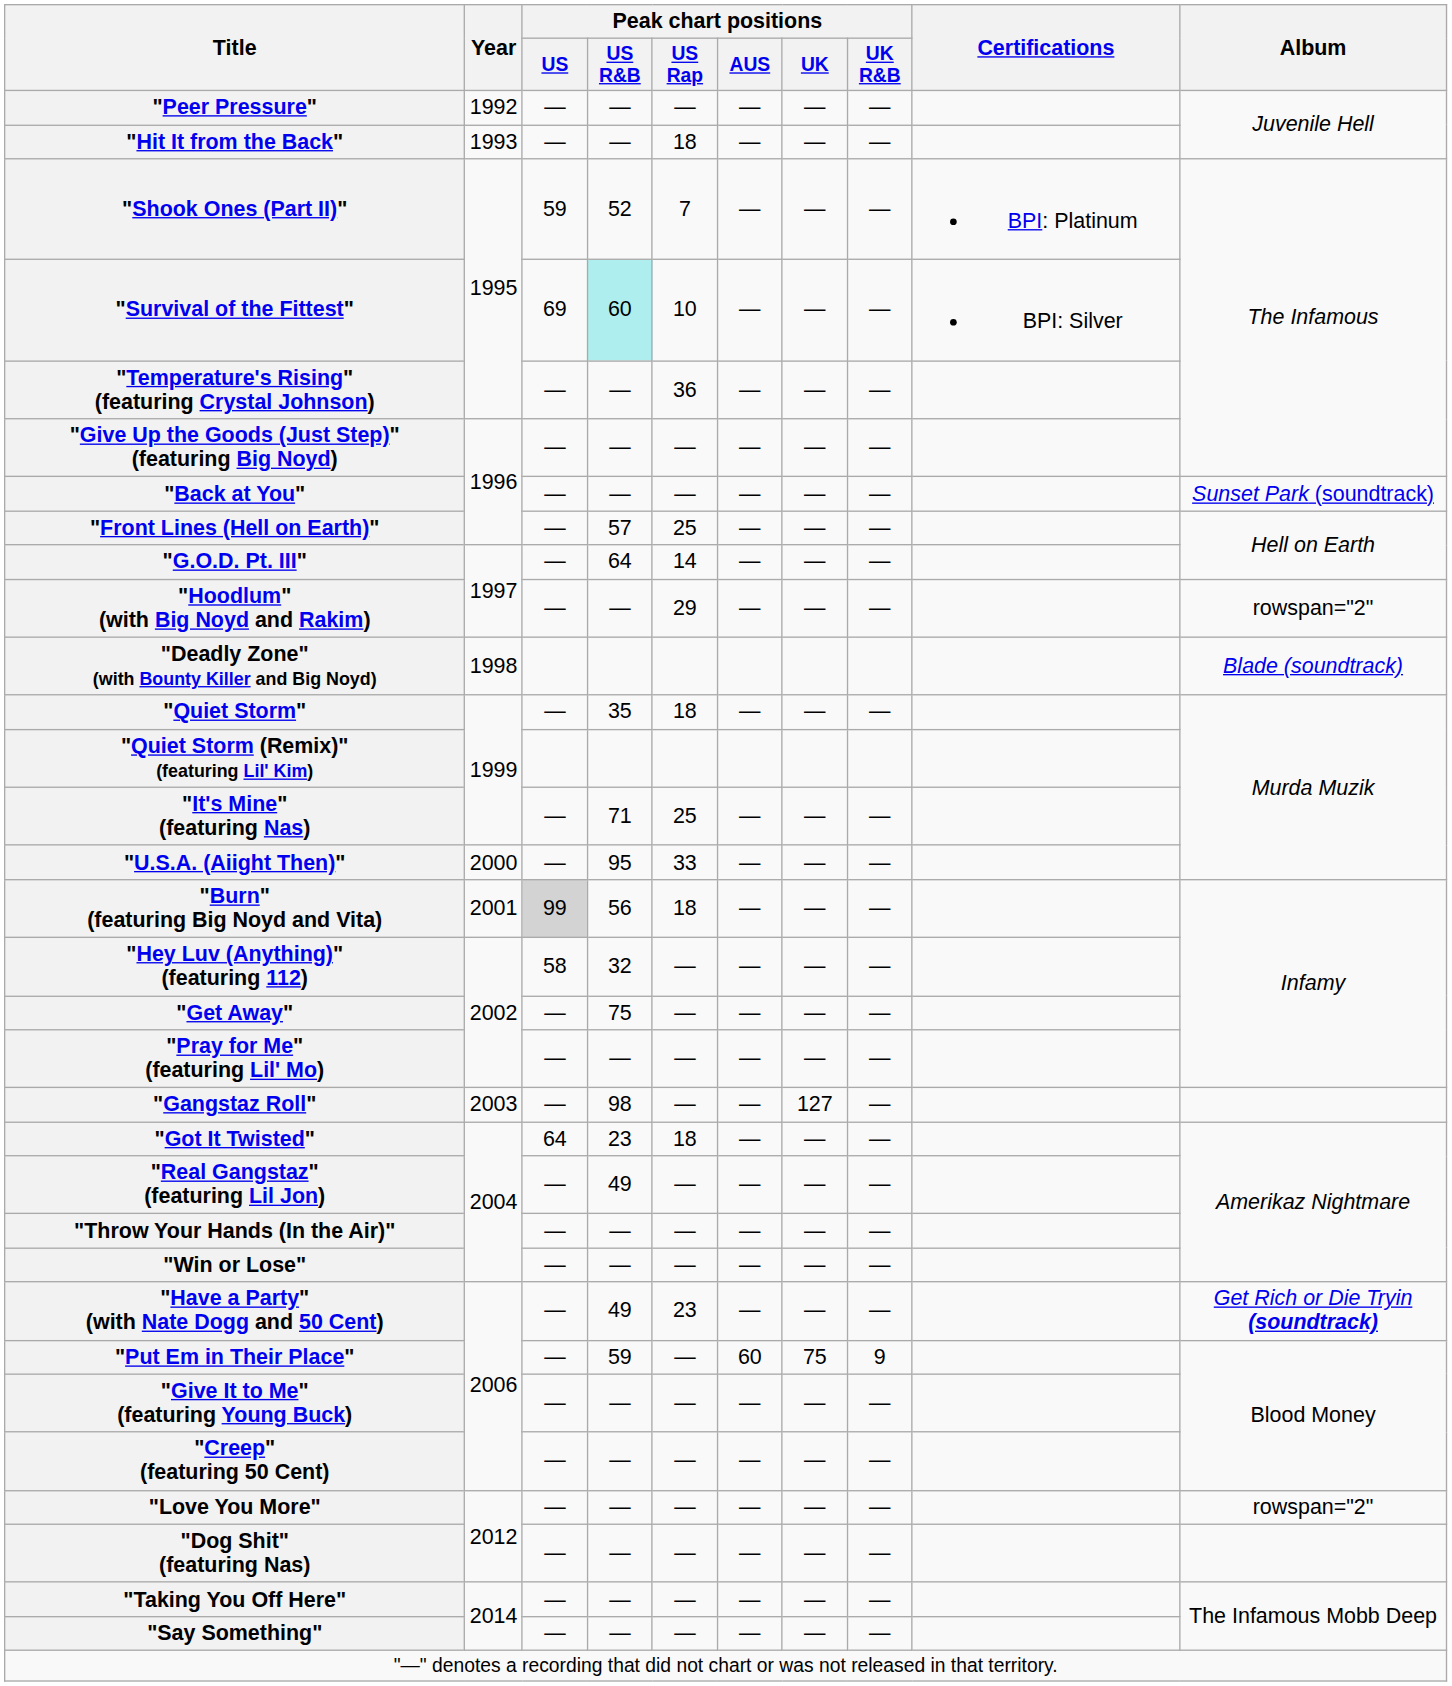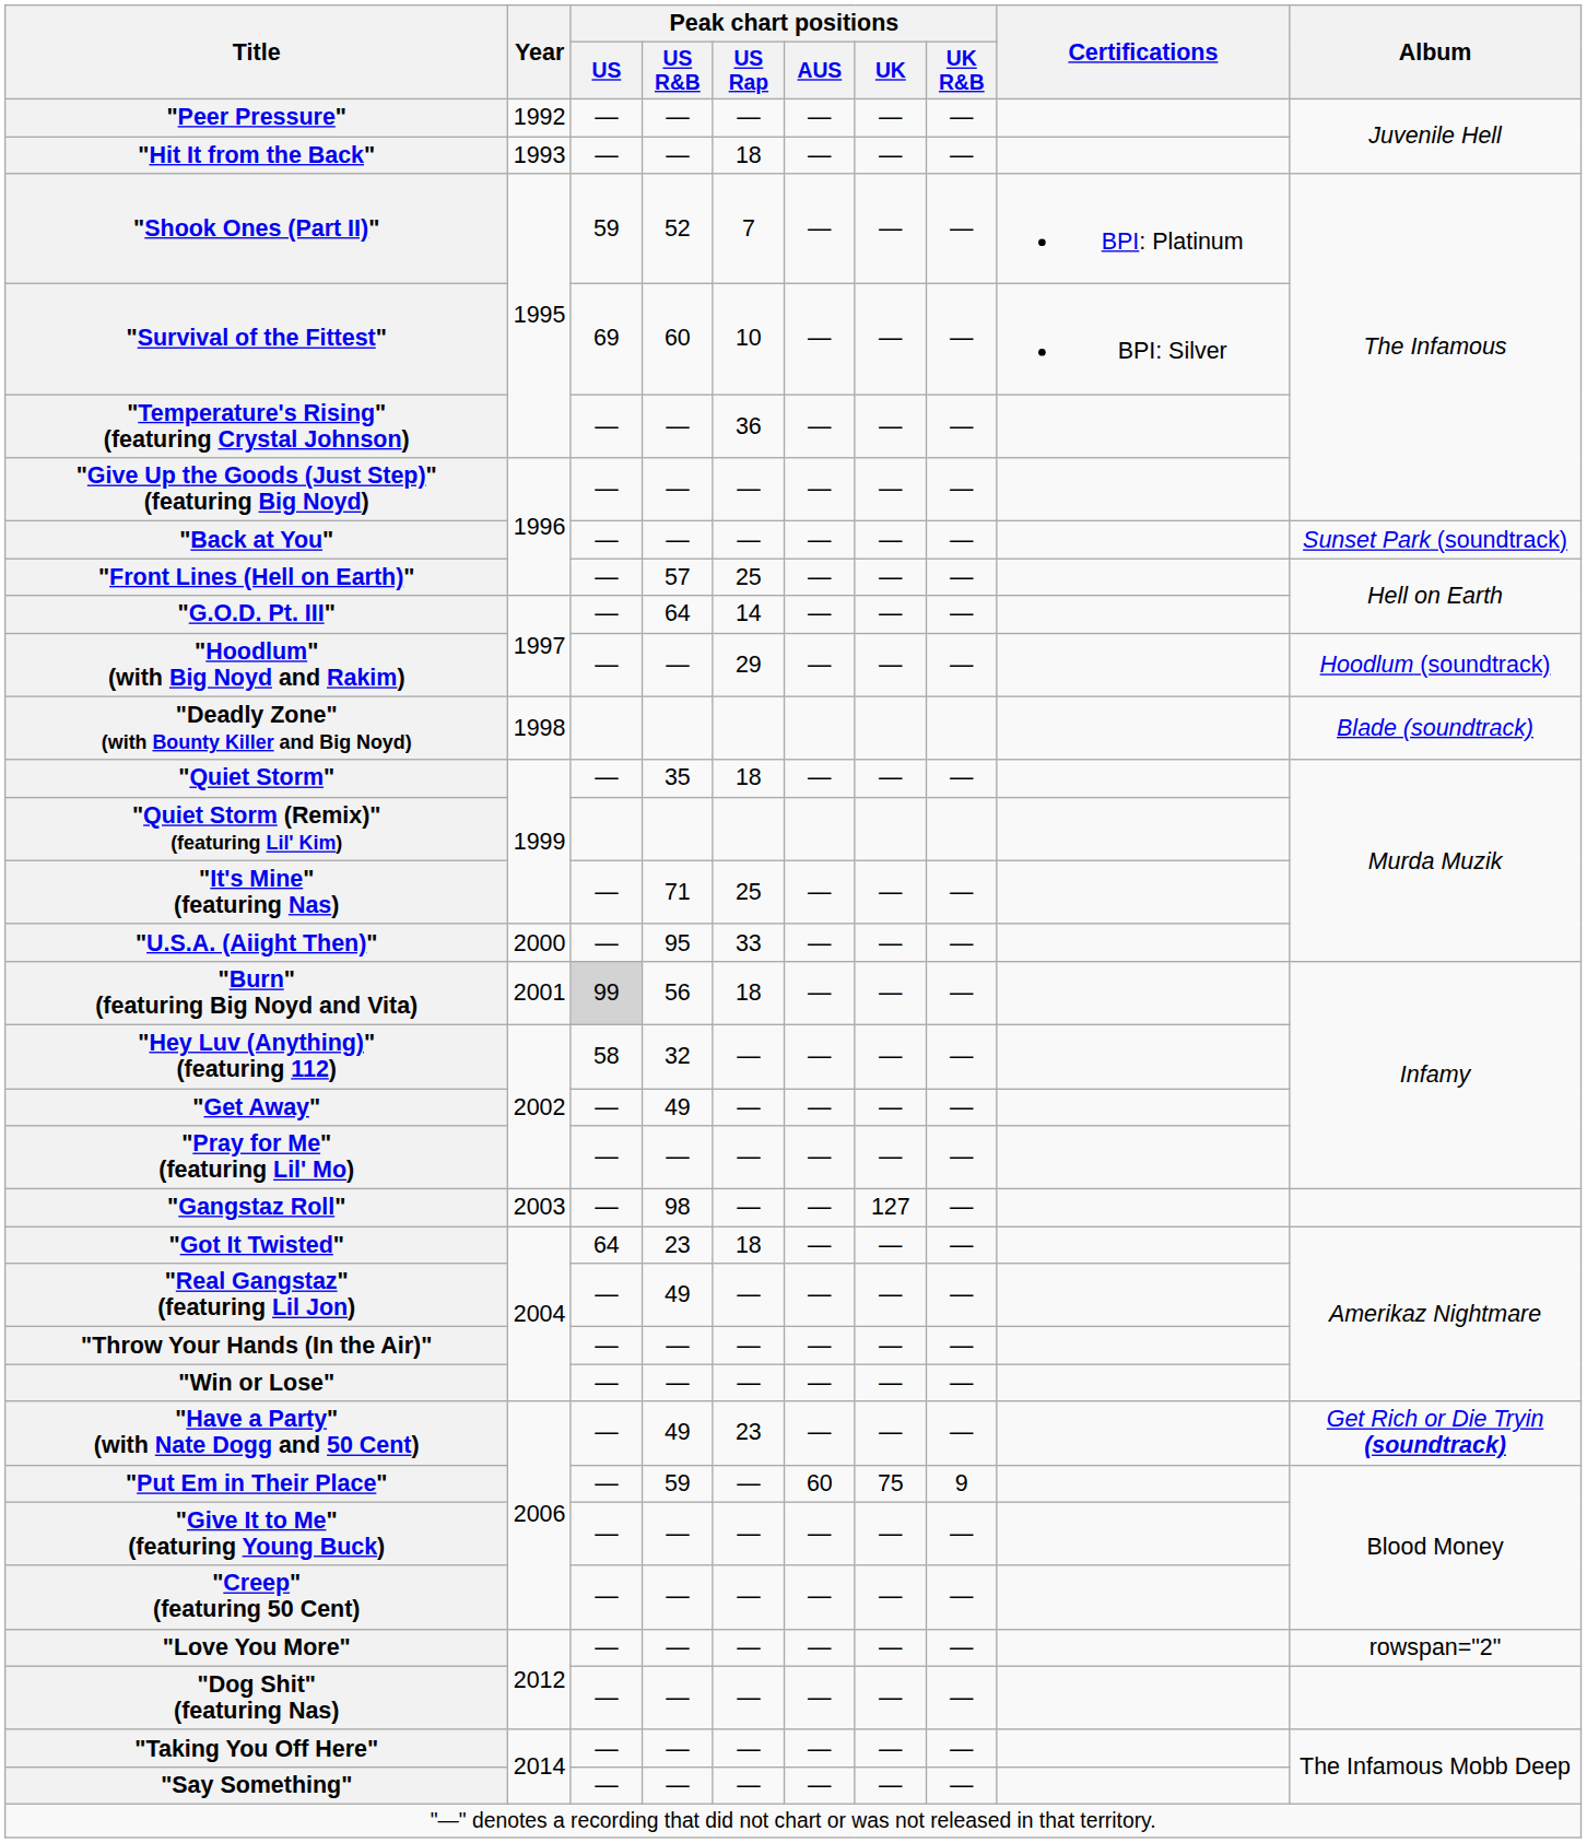 <table class="wikitable plainrowheaders" style="text-align:center;">
 <tr>
 <th scope="col" rowspan="2" style="width:21em;">Title</th>
 <th scope="col" rowspan="2">Year</th>
 <th scope="col" colspan="6">Peak chart positions</th>
 <th scope="col" rowspan="2" style="width:12em;"><a href='#'>Certifications</a></th>
 <th scope="col" rowspan="2" style="width:12em;">Album</th>
 </tr>
 <tr>
 <th scope="col" style="width:2.9em;font-size:90%;"><a href='#'>US</a><br></th>
 <th scope="col" style="width:2.9em;font-size:90%;"><a href='#'>US<br>R&B</a><br></th>
 <th scope="col" style="width:2.9em;font-size:90%;"><a href='#'>US<br>Rap</a><br></th>
 <th scope="col" style="width:2.9em;font-size:90%;"><a href='#'>AUS</a><br></th>
 <th scope="col" style="width:2.9em;font-size:90%;"><a href='#'>UK</a><br></th>
 <th scope="col" style="width:2.9em;font-size:90%;"><a href='#'>UK<br>R&B</a><br></th>
 </tr>
 <tr>
 <th scope="row">"<a href='#'>Peer Pressure</a>"</th>
 <td>1992</td>
 <td>—</td>
 <td>—</td>
 <td>—</td>
 <td>—</td>
 <td>—</td>
 <td>—</td>
 <td></td>
 <td rowspan="2"><em>Juvenile Hell</em></td>
 </tr>
 <tr>
 <th scope="row">"<a href='#'>Hit It from the Back</a>"</th>
 <td>1993</td>
 <td>—</td>
 <td>—</td>
 <td>18</td>
 <td>—</td>
 <td>—</td>
 <td>—</td>
 <td></td>
 </tr>
 <tr>
 <th scope="row">"<a href='#'>Shook Ones (Part II)</a>"</th>
 <td rowspan="3">1995</td>
 <td>59</td>
 <td>52</td>
 <td>7</td>
 <td>—</td>
 <td>—</td>
 <td>—</td>
 <td><br><ul><li><a href='#'>BPI</a>: Platinum</li></ul></td>
 <td rowspan="4"><em>The Infamous</em></td>
 </tr>
 <tr>
 <th scope="row">"<a href='#'>Survival of the Fittest</a>"</th>
 <td>69</td>
-<td style="background: paleturquoise;">60</td>
+<td>60</td>
 <td>10</td>
 <td>—</td>
 <td>—</td>
 <td>—</td>
 <td><br><ul><li>BPI: Silver</li></ul></td>
 </tr>
 <tr>
 <th scope="row">"<a href='#'>Temperature's Rising</a>"<br><span>(featuring <a href='#'>Crystal Johnson</a>)</span></th>
 <td>—</td>
 <td>—</td>
 <td>36</td>
 <td>—</td>
 <td>—</td>
 <td>—</td>
 <td></td>
 </tr>
 <tr>
 <th scope="row">"<a href='#'>Give Up the Goods (Just Step)</a>"<br><span>(featuring <a href='#'>Big Noyd</a>)</span></th>
 <td rowspan="3">1996</td>
 <td>—</td>
 <td>—</td>
 <td>—</td>
 <td>—</td>
 <td>—</td>
 <td>—</td>
 <td></td>
 </tr>
 <tr>
 <th scope="row">"<a href='#'>Back at You</a>"</th>
 <td>—</td>
 <td>—</td>
 <td>—</td>
 <td>—</td>
 <td>—</td>
 <td>—</td>
 <td></td>
 <td><a href='#'><em>Sunset Park</em> (soundtrack)</a></td>
 </tr>
 <tr>
 <th scope="row">"<a href='#'>Front Lines (Hell on Earth)</a>"</th>
 <td>—</td>
 <td>57</td>
 <td>25</td>
 <td>—</td>
 <td>—</td>
 <td>—</td>
 <td></td>
 <td rowspan="2"><em>Hell on Earth</em></td>
 </tr>
 <tr>
 <th scope="row">"<a href='#'>G.O.D. Pt. III</a>"</th>
 <td rowspan="2">1997</td>
 <td>—</td>
 <td>64</td>
 <td>14</td>
 <td>—</td>
 <td>—</td>
 <td>—</td>
 <td></td>
 </tr>
 <tr>
 <th scope="row">"<a href='#'>Hoodlum</a>"<br><span>(with <a href='#'>Big Noyd</a> and <a href='#'>Rakim</a>)</span></th>
 <td>—</td>
 <td>—</td>
 <td>29</td>
 <td>—</td>
 <td>—</td>
 <td>—</td>
 <td></td>
-<td>rowspan="2" </td>
+<td><a href='#'><em>Hoodlum</em> (soundtrack)</a></td>
 </tr>
 <tr>
 <th scope="row">"Deadly Zone"<br><small>(with <a href='#'>Bounty Killer</a> and Big Noyd)</small></th>
 <td>1998</td>
 <td></td>
 <td></td>
 <td></td>
 <td></td>
 <td></td>
 <td></td>
 <td></td>
 <td><em><a href='#'>Blade (soundtrack)</a></em></td>
 </tr>
 <tr>
 <th scope="row">"<a href='#'>Quiet Storm</a>"</th>
 <td rowspan="3">1999</td>
 <td>—</td>
 <td>35</td>
 <td>18</td>
 <td>—</td>
 <td>—</td>
 <td>—</td>
 <td></td>
 <td rowspan="4"><em>Murda Muzik</em></td>
 </tr>
 <tr>
 <th scope="row">"<a href='#'>Quiet Storm</a> (Remix)"<br><small>(featuring <a href='#'>Lil' Kim</a>)</small></th>
 <td></td>
 <td></td>
 <td></td>
 <td></td>
 <td></td>
 <td></td>
 <td></td>
 </tr>
 <tr>
 <th scope="row">"<a href='#'>It's Mine</a>"<br><span>(featuring <a href='#'>Nas</a>)</span></th>
 <td>—</td>
 <td>71</td>
 <td>25</td>
 <td>—</td>
 <td>—</td>
 <td>—</td>
 <td></td>
 </tr>
 <tr>
 <th scope="row">"<a href='#'>U.S.A. (Aiight Then)</a>"</th>
 <td>2000</td>
 <td>—</td>
 <td>95</td>
 <td>33</td>
 <td>—</td>
 <td>—</td>
 <td>—</td>
 <td></td>
 </tr>
 <tr>
 <th scope="row">"<a href='#'>Burn</a>"<br><span>(featuring Big Noyd and Vita)</span></th>
 <td>2001</td>
 <td style="background: lightgrey;">99</td>
 <td>56</td>
 <td>18</td>
 <td>—</td>
 <td>—</td>
 <td>—</td>
 <td></td>
 <td rowspan="4"><em>Infamy</em></td>
 </tr>
 <tr>
 <th scope="row">"<a href='#'>Hey Luv (Anything)</a>"<br><span>(featuring <a href='#'>112</a>)</span></th>
 <td rowspan="3">2002</td>
 <td>58</td>
 <td>32</td>
 <td>—</td>
 <td>—</td>
 <td>—</td>
 <td>—</td>
 <td></td>
 </tr>
 <tr>
 <th scope="row">"<a href='#'>Get Away</a>"</th>
 <td>—</td>
-<td>75</td>
+<td>49</td>
 <td>—</td>
 <td>—</td>
 <td>—</td>
 <td>—</td>
 <td></td>
 </tr>
 <tr>
 <th scope="row">"<a href='#'>Pray for Me</a>"<br><span>(featuring <a href='#'>Lil' Mo</a>)</span></th>
 <td>—</td>
 <td>—</td>
 <td>—</td>
 <td>—</td>
 <td>—</td>
 <td>—</td>
 <td></td>
 </tr>
 <tr>
 <th scope="row">"<a href='#'>Gangstaz Roll</a>"</th>
 <td>2003</td>
 <td>—</td>
 <td>98</td>
 <td>—</td>
 <td>—</td>
 <td>127</td>
 <td>—</td>
 <td></td>
 <td></td>
 </tr>
 <tr>
 <th scope="row">"<a href='#'>Got It Twisted</a>"</th>
 <td rowspan="4">2004</td>
 <td>64</td>
 <td>23</td>
 <td>18</td>
 <td>—</td>
 <td>—</td>
 <td>—</td>
 <td></td>
 <td rowspan="4"><em>Amerikaz Nightmare</em></td>
 </tr>
 <tr>
 <th scope="row">"<a href='#'>Real Gangstaz</a>"<br><span>(featuring <a href='#'>Lil Jon</a>)</span></th>
 <td>—</td>
 <td>49</td>
 <td>—</td>
 <td>—</td>
 <td>—</td>
 <td>—</td>
 <td></td>
 </tr>
 <tr>
 <th scope="row">"Throw Your Hands (In the Air)"</th>
 <td>—</td>
 <td>—</td>
 <td>—</td>
 <td>—</td>
 <td>—</td>
 <td>—</td>
 <td></td>
 </tr>
 <tr>
 <th scope="row">"Win or Lose"</th>
 <td>—</td>
 <td>—</td>
 <td>—</td>
 <td>—</td>
 <td>—</td>
 <td>—</td>
 <td></td>
 </tr>
 <tr>
 <th scope="row">"<a href='#'>Have a Party</a>"<br><span>(with <a href='#'>Nate Dogg</a> and <a href='#'>50 Cent</a>)</span></th>
 <td rowspan="4">2006</td>
 <td>—</td>
 <td>49</td>
 <td>23</td>
 <td>—</td>
 <td>—</td>
 <td>—</td>
 <td></td>
 <td><a href='#'><em>Get Rich or Die Tryin<strong> (soundtrack)</a></td>
 </tr>
 <tr>
 <th scope="row">"<a href='#'>Put Em in Their Place</a>"</th>
 <td>—</td>
 <td>59</td>
 <td>—</td>
 <td>60</td>
 <td>75</td>
 <td>9</td>
 <td></td>
 <td rowspan="3"></em>Blood Money<em></td>
 </tr>
 <tr>
 <th scope="row">"<a href='#'>Give It to Me</a>"<br><span>(featuring <a href='#'>Young Buck</a>)</span></th>
 <td>—</td>
 <td>—</td>
 <td>—</td>
 <td>—</td>
 <td>—</td>
 <td>—</td>
 <td></td>
 </tr>
 <tr>
 <th scope="row">"<a href='#'>Creep</a>"<br><span>(featuring 50 Cent)</span></th>
 <td>—</td>
 <td>—</td>
 <td>—</td>
 <td>—</td>
 <td>—</td>
 <td>—</td>
 <td></td>
 </tr>
 <tr>
 <th scope="row">"Love You More"</th>
 <td rowspan="2">2012</td>
 <td>—</td>
 <td>—</td>
 <td>—</td>
 <td>—</td>
 <td>—</td>
 <td>—</td>
 <td></td>
 <td>rowspan="2" </td>
 </tr>
 <tr>
 <th scope="row">"Dog Shit"<br><span>(featuring Nas)</span></th>
 <td>—</td>
 <td>—</td>
 <td>—</td>
 <td>—</td>
 <td>—</td>
 <td>—</td>
 <td></td>
 </tr>
 <tr>
 <th scope="row">"Taking You Off Here"</th>
 <td rowspan="2">2014</td>
 <td>—</td>
 <td>—</td>
 <td>—</td>
 <td>—</td>
 <td>—</td>
 <td>—</td>
 <td></td>
 <td rowspan="2"></em>The Infamous Mobb Deep<em></td>
 </tr>
 <tr>
 <th scope="row">"Say Something"</th>
 <td>—</td>
 <td>—</td>
 <td>—</td>
 <td>—</td>
 <td>—</td>
 <td>—</td>
 <td></td>
 </tr>
 <tr>
 <td colspan="14" style="font-size:90%">"—" denotes a recording that did not chart or was not released in that territory.</td>
 </tr>
 </table>
